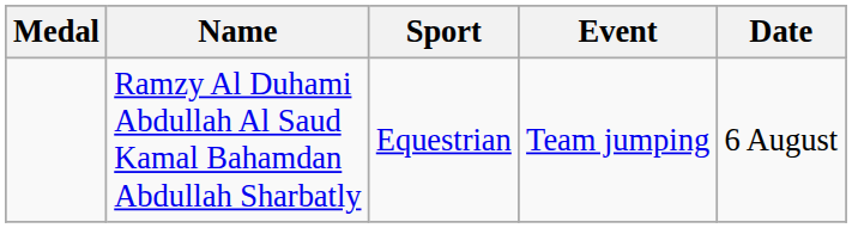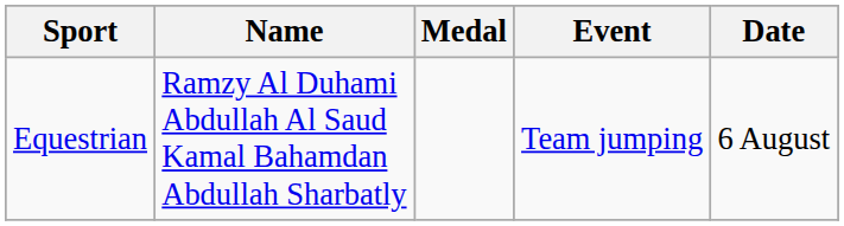 <table class="wikitable sortable" style="font-size: 95%;">
 <tr>
+<th>Sport</th>
+<th>Name</th>
 <th>Medal</th>
-<th>Name</th>
-<th>Sport</th>
 <th>Event</th>
 <th>Date</th>
 </tr>
 <tr>
+<td><a href='#'>Equestrian</a></td>
+<td><a href='#'>Ramzy Al Duhami</a><br><a href='#'>Abdullah Al Saud</a><br><a href='#'>Kamal Bahamdan</a><br><a href='#'>Abdullah Sharbatly</a></td>
 <td></td>
-<td><a href='#'>Ramzy Al Duhami</a><br><a href='#'>Abdullah Al Saud</a><br><a href='#'>Kamal Bahamdan</a><br><a href='#'>Abdullah Sharbatly</a></td>
-<td><a href='#'>Equestrian</a></td>
 <td><a href='#'>Team jumping</a></td>
 <td>6 August</td>
 </tr>
 </table>
